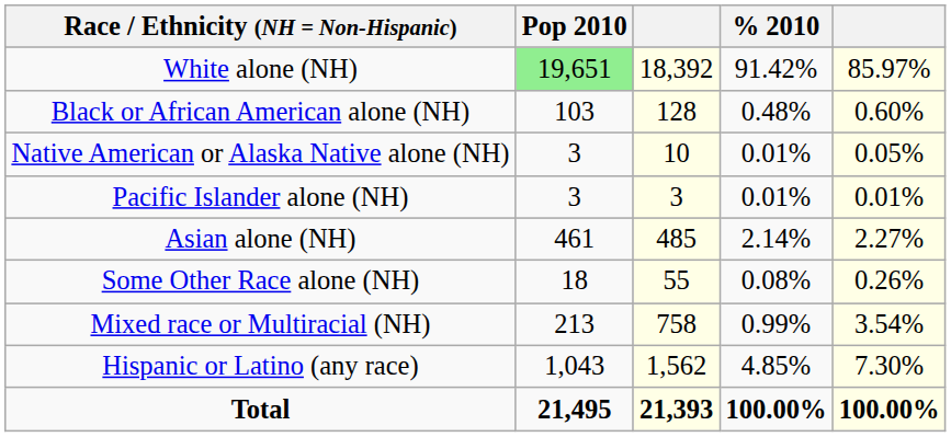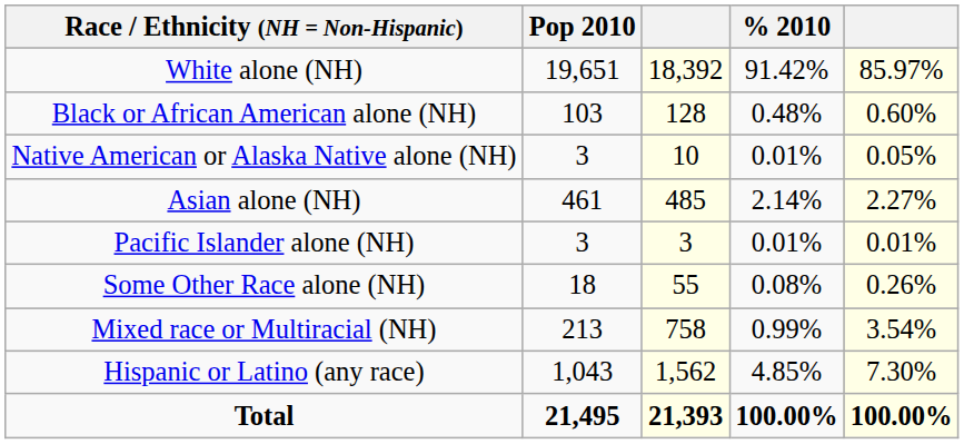 <table class="wikitable" style="text-align:center;">
 <tr>
 <th>Race / Ethnicity <small>(<em>NH = Non-Hispanic</em>)</small></th>
 <th>Pop 2010</th>
 <th></th>
 <th>% 2010</th>
 <th></th>
 </tr>
 <tr>
 <td><a href='#'>White</a> alone (NH)</td>
-<td style="background: lightgreen;">19,651</td>
+<td>19,651</td>
 <td style='background: #ffffe6;'>18,392</td>
 <td>91.42%</td>
 <td style='background: #ffffe6;'>85.97%</td>
 </tr>
 <tr>
 <td><a href='#'>Black or African American</a> alone (NH)</td>
 <td>103</td>
 <td style='background: #ffffe6;'>128</td>
 <td>0.48%</td>
 <td style='background: #ffffe6;'>0.60%</td>
 </tr>
 <tr>
 <td><a href='#'>Native American</a> or <a href='#'>Alaska Native</a> alone (NH)</td>
 <td>3</td>
 <td style='background: #ffffe6;'>10</td>
 <td>0.01%</td>
 <td style='background: #ffffe6;'>0.05%</td>
 </tr>
 <tr>
+<td><a href='#'>Asian</a> alone (NH)</td>
+<td>461</td>
+<td style='background: #ffffe6;'>485</td>
+<td>2.14%</td>
+<td style='background: #ffffe6;'>2.27%</td>
+</tr>
+<tr>
 <td><a href='#'>Pacific Islander</a> alone (NH)</td>
 <td>3</td>
 <td style='background: #ffffe6;'>3</td>
 <td>0.01%</td>
 <td style='background: #ffffe6;'>0.01%</td>
-</tr>
-<tr>
-<td><a href='#'>Asian</a> alone (NH)</td>
-<td>461</td>
-<td style='background: #ffffe6;'>485</td>
-<td>2.14%</td>
-<td style='background: #ffffe6;'>2.27%</td>
 </tr>
 <tr>
 <td><a href='#'>Some Other Race</a> alone (NH)</td>
 <td>18</td>
 <td style='background: #ffffe6;'>55</td>
 <td>0.08%</td>
 <td style='background: #ffffe6;'>0.26%</td>
 </tr>
 <tr>
 <td><a href='#'>Mixed race or Multiracial</a> (NH)</td>
 <td>213</td>
 <td style='background: #ffffe6;'>758</td>
 <td>0.99%</td>
 <td style='background: #ffffe6;'>3.54%</td>
 </tr>
 <tr>
 <td><a href='#'>Hispanic or Latino</a> (any race)</td>
 <td>1,043</td>
 <td style='background: #ffffe6;'>1,562</td>
 <td>4.85%</td>
 <td style='background: #ffffe6;'>7.30%</td>
 </tr>
 <tr>
 <td><strong>Total</strong></td>
 <td><strong>21,495</strong></td>
 <td style='background: #ffffe6;'><strong>21,393</strong></td>
 <td><strong>100.00%</strong></td>
 <td style='background: #ffffe6;'><strong>100.00%</strong></td>
 </tr>
 </table>
